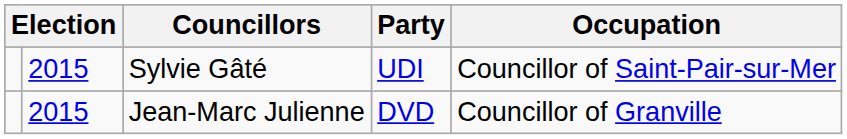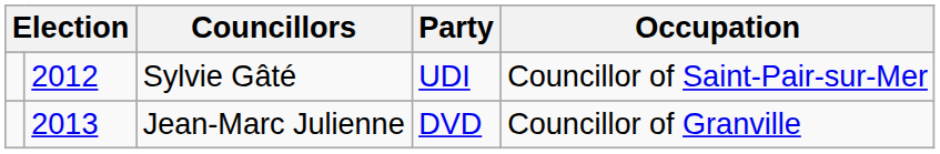 <table class="wikitable">
 <tr>
 <th colspan="2">Election</th>
 <th>Councillors</th>
 <th>Party</th>
 <th>Occupation</th>
 </tr>
 <tr>
 <td style="background-color: "></td>
-<td><a href='#'>2015</a></td>
+<td><a href='#'>2012</a></td>
 <td>Sylvie Gâté</td>
 <td><a href='#'>UDI</a></td>
 <td>Councillor of <a href='#'>Saint-Pair-sur-Mer</a></td>
 </tr>
 <tr>
 <td style="background-color: "></td>
-<td><a href='#'>2015</a></td>
+<td><a href='#'>2013</a></td>
 <td>Jean-Marc Julienne</td>
 <td><a href='#'>DVD</a></td>
 <td>Councillor of <a href='#'>Granville</a></td>
 </tr>
 </table>
